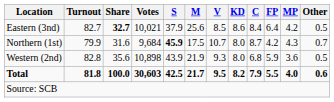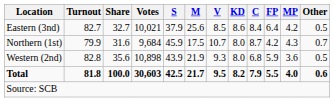 <table class="wikitable sortable" style=text-align:right>
 <tr>
 <th>Location</th>
 <th>Turnout</th>
 <th>Share</th>
 <th>Votes</th>
 <th><a href='#'>S</a></th>
 <th><a href='#'>M</a></th>
 <th><a href='#'>V</a></th>
 <th><a href='#'>KD</a></th>
 <th><a href='#'>C</a></th>
 <th><a href='#'>FP</a></th>
 <th><a href='#'>MP</a></th>
 <th>Other</th>
 </tr>
 <tr>
 <td align=left>Eastern (3nd)</td>
 <td>82.7</td>
-<td><strong>32.7</strong></td>
+<td>32.7</td>
 <td>10,021</td>
 <td>37.9</td>
 <td>25.6</td>
 <td>8.5</td>
 <td>8.6</td>
 <td>8.4</td>
 <td>6.4</td>
 <td>4.2</td>
 <td>0.5</td>
 </tr>
 <tr>
 <td align=left>Northern (1st)</td>
 <td>79.9</td>
 <td>31.6</td>
 <td>9,684</td>
-<td><strong>45.9</strong></td>
+<td>45.9</td>
 <td>17.5</td>
 <td>10.7</td>
 <td>8.0</td>
 <td>8.7</td>
 <td>4.2</td>
 <td>4.3</td>
 <td>0.7</td>
 </tr>
 <tr>
 <td align=left>Western (2nd)</td>
 <td>82.8</td>
 <td>35.6</td>
 <td>10,898</td>
 <td>43.9</td>
 <td>21.9</td>
 <td>9.3</td>
 <td>8.0</td>
 <td>6.8</td>
 <td>5.9</td>
 <td>3.6</td>
 <td>0.5</td>
 </tr>
 <tr>
 <td align=left><strong>Total</strong></td>
 <td><strong>81.8</strong></td>
 <td><strong>100.0</strong></td>
 <td><strong>30,603</strong></td>
 <td><strong>42.5</strong></td>
 <td><strong>21.7</strong></td>
 <td><strong>9.5</strong></td>
 <td><strong>8.2</strong></td>
 <td><strong>7.9</strong></td>
 <td><strong>5.5</strong></td>
 <td><strong>4.0</strong></td>
 <td><strong>0.6</strong></td>
 </tr>
 <tr>
 <td align=left colspan=12>Source: SCB </td>
 </tr>
 </table>
